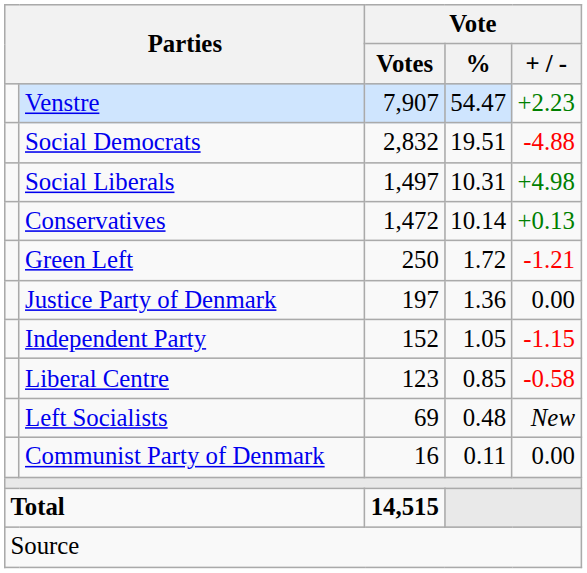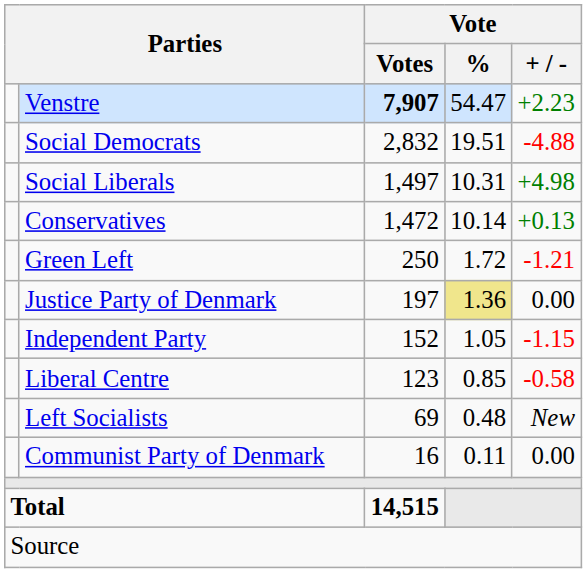 <table class="wikitable" style="text-align:right;">
 <tr>
 <th style="text-align:centre;" rowspan="2" colspan="2" width="225">Parties</th>
 <th colspan="3">Vote</th>
 </tr>
 <tr>
 <th width="15">Votes</th>
 <th width="15">%</th>
 <th width="15">+ / -</th>
 </tr>
 <tr>
 <td width="2" style="color:inherit;background:"></td>
 <td bgcolor=#cfe5fe  align="left"><a href='#'>Venstre</a></td>
-<td bgcolor=#cfe5fe>7,907</td>
+<td bgcolor=#cfe5fe><strong>7,907</strong></td>
 <td bgcolor=#cfe5fe>54.47</td>
 <td style=color:green;>+2.23</td>
 </tr>
 <tr>
 <td width="2" style="color:inherit;background:"></td>
 <td align="left"><a href='#'>Social Democrats</a></td>
 <td>2,832</td>
 <td>19.51</td>
 <td style=color:red;>-4.88</td>
 </tr>
 <tr>
 <td width="2" style="color:inherit;background:"></td>
 <td align="left"><a href='#'>Social Liberals</a></td>
 <td>1,497</td>
 <td>10.31</td>
 <td style=color:green;>+4.98</td>
 </tr>
 <tr>
 <td width="2" style="color:inherit;background:"></td>
 <td align="left"><a href='#'>Conservatives</a></td>
 <td>1,472</td>
 <td>10.14</td>
 <td style=color:green;>+0.13</td>
 </tr>
 <tr>
 <td width="2" style="color:inherit;background:"></td>
 <td align="left"><a href='#'>Green Left</a></td>
 <td>250</td>
 <td>1.72</td>
 <td style=color:red;>-1.21</td>
 </tr>
 <tr>
 <td width="2" style="color:inherit;background:"></td>
 <td align="left"><a href='#'>Justice Party of Denmark</a></td>
 <td>197</td>
-<td>1.36</td>
+<td style="background: khaki;">1.36</td>
 <td>0.00</td>
 </tr>
 <tr>
 <td width="2" style="color:inherit;background:"></td>
 <td align="left"><a href='#'>Independent Party</a></td>
 <td>152</td>
 <td>1.05</td>
 <td style=color:red;>-1.15</td>
 </tr>
 <tr>
 <td width="2" style="color:inherit;background:"></td>
 <td align="left"><a href='#'>Liberal Centre</a></td>
 <td>123</td>
 <td>0.85</td>
 <td style=color:red;>-0.58</td>
 </tr>
 <tr>
 <td width="2" style="color:inherit;background:"></td>
 <td align="left"><a href='#'>Left Socialists</a></td>
 <td>69</td>
 <td>0.48</td>
 <td><em>New</em></td>
 </tr>
 <tr>
 <td width="2" style="color:inherit;background:"></td>
 <td align="left"><a href='#'>Communist Party of Denmark</a></td>
 <td>16</td>
 <td>0.11</td>
 <td>0.00</td>
 </tr>
 <tr>
 <td colspan="7" bgcolor="#E9E9E9"></td>
 </tr>
 <tr>
 <td align="left" colspan="2"><strong>Total</strong></td>
 <td><strong>14,515</strong></td>
 <td bgcolor="#E9E9E9" colspan="2"></td>
 </tr>
 <tr>
 <td align="left" colspan="6">Source</td>
 </tr>
 </table>
